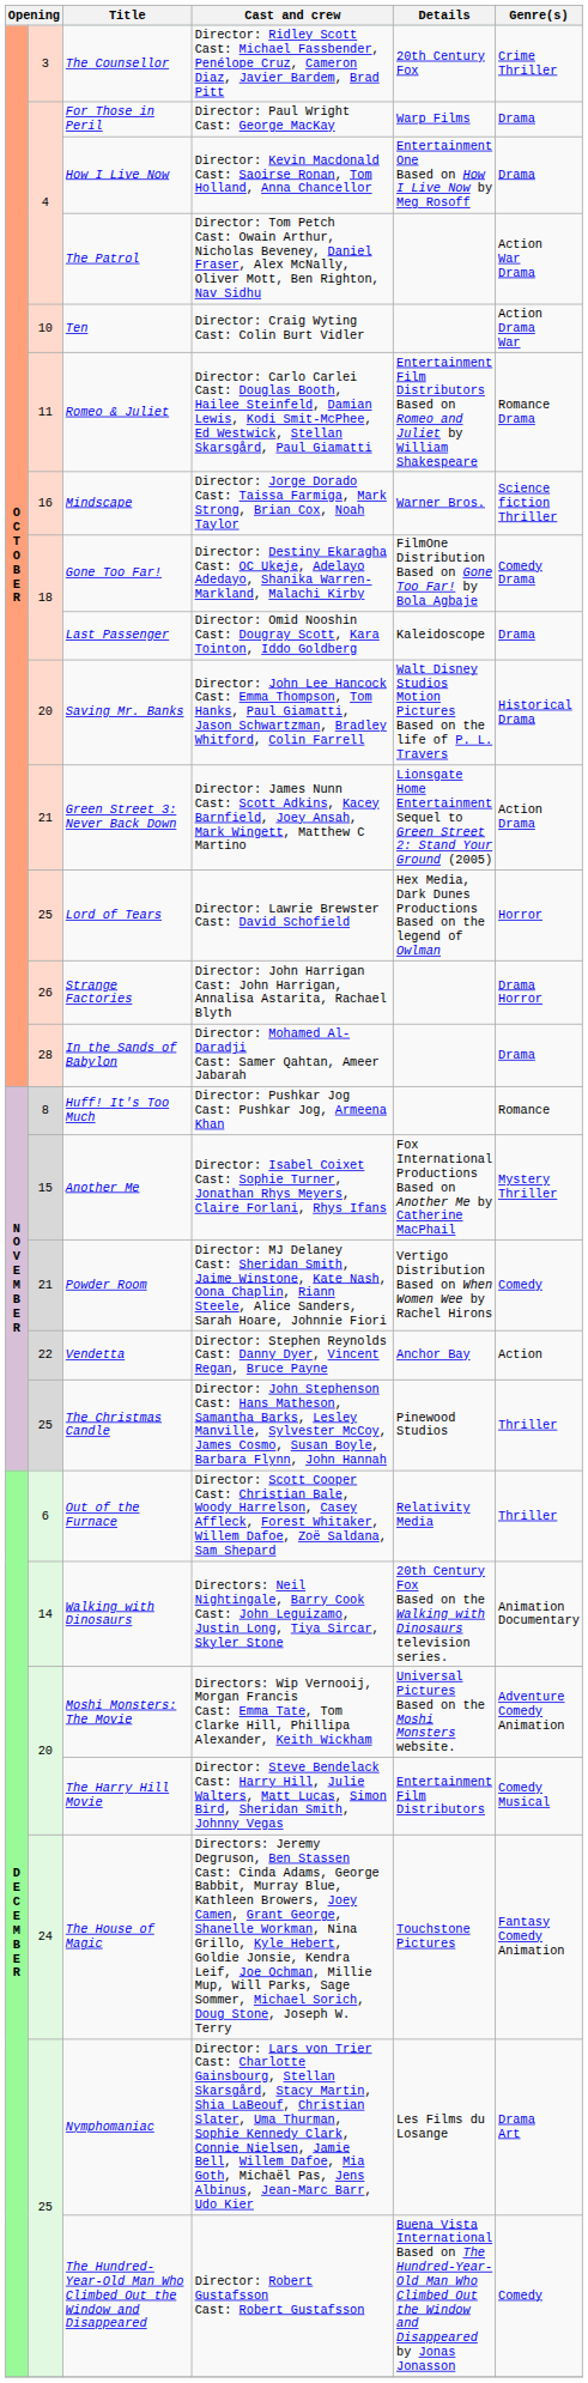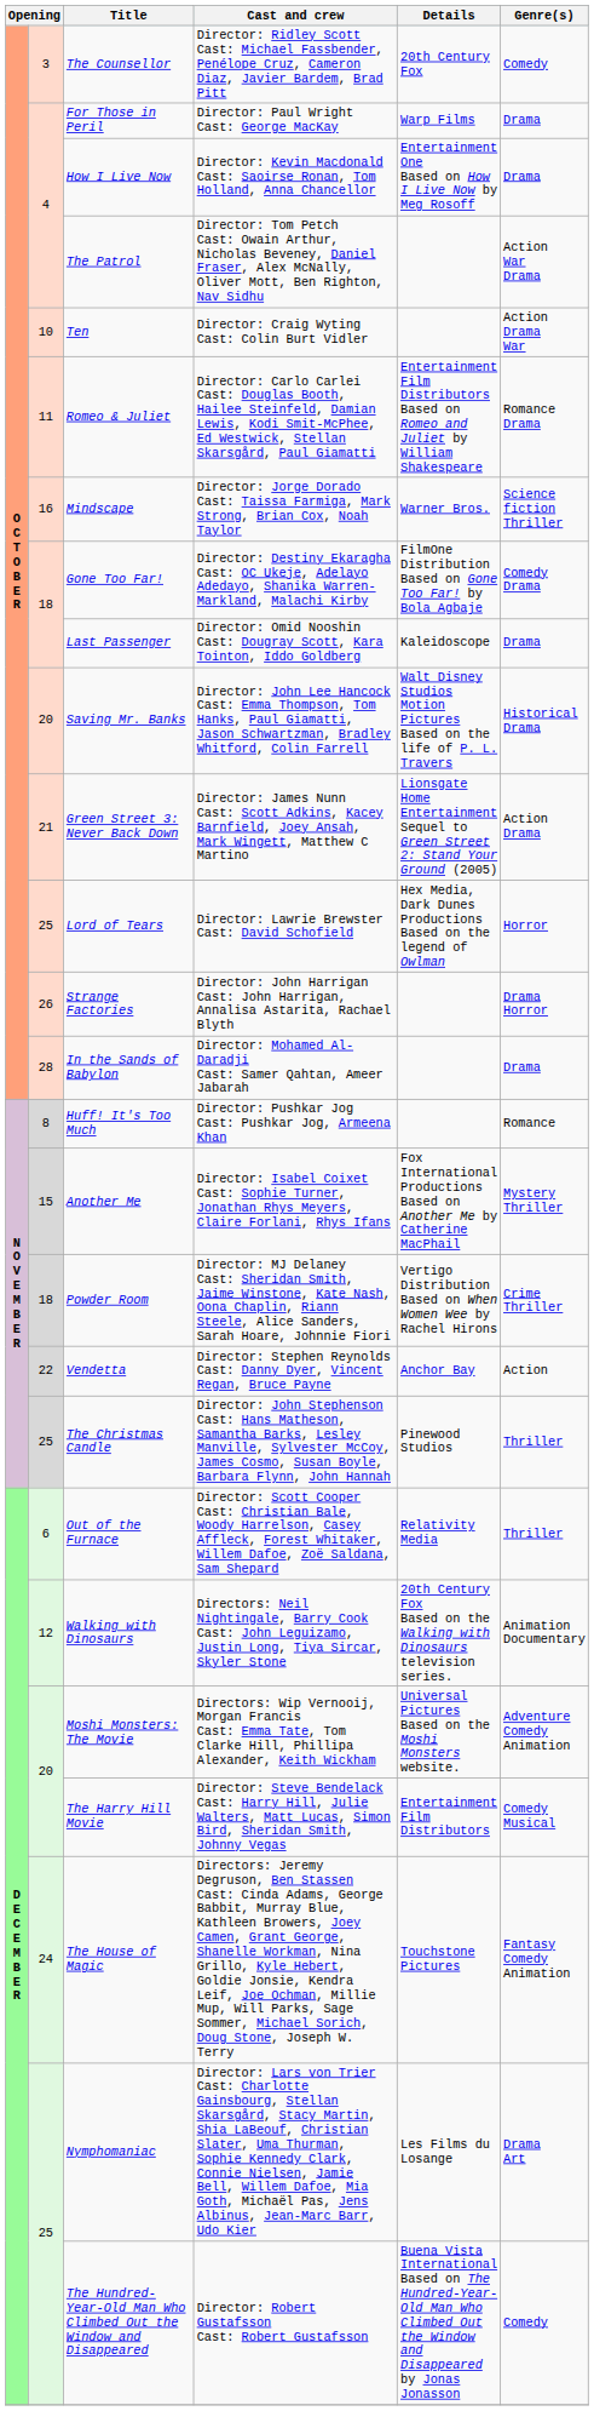 <table class="wikitable sortable plainrowheaders">
 <tr style="background:#b0e0e6; text-align:center;">
 <th colspan="2">Opening</th>
 <th style="width:24%;">Title</th>
 <th style="width:40%;">Cast and crew</th>
 <th>Details</th>
 <th style="width:10%;">Genre(s)</th>
 </tr>
 <tr>
 <th rowspan="14" style="text-align:center; background:#ffa07a; textcolor:#000;">O <br>C <br>T <br>O <br>B <br>E <br>R</th>
 <td rowspan="1" style="text-align:center; background:#ffdacc;">3</td>
 <td><em><a href='#'>The Counsellor</a></em></td>
 <td>Director: <a href='#'>Ridley Scott</a>  <br> Cast: <a href='#'>Michael Fassbender</a>, <a href='#'>Penélope Cruz</a>, <a href='#'>Cameron Diaz</a>, <a href='#'>Javier Bardem</a>, <a href='#'>Brad Pitt</a></td>
 <td><a href='#'>20th Century Fox</a></td>
-<td><a href='#'>Crime</a>  <br> <a href='#'>Thriller</a></td>
+<td><a href='#'>Comedy</a></td>
 </tr>
 <tr>
 <td rowspan="3" style="text-align:center; background:#ffdacc;">4</td>
 <td><em><a href='#'>For Those in Peril</a></em></td>
 <td>Director: Paul Wright  <br> Cast: <a href='#'>George MacKay</a></td>
 <td><a href='#'>Warp Films</a></td>
 <td><a href='#'>Drama</a></td>
 </tr>
 <tr>
 <td><em><a href='#'>How I Live Now</a></em></td>
 <td>Director: <a href='#'>Kevin Macdonald</a>  <br> Cast: <a href='#'>Saoirse Ronan</a>, <a href='#'>Tom Holland</a>, <a href='#'>Anna Chancellor</a></td>
 <td><a href='#'>Entertainment One</a>  <br> Based on <em><a href='#'>How I Live Now</a></em> by <a href='#'>Meg Rosoff</a></td>
 <td><a href='#'>Drama</a></td>
 </tr>
 <tr>
 <td><em><a href='#'>The Patrol</a></em></td>
 <td>Director: Tom Petch  <br> Cast: Owain Arthur, Nicholas Beveney, <a href='#'>Daniel Fraser</a>, Alex McNally, Oliver Mott, Ben Righton, <a href='#'>Nav Sidhu</a></td>
 <td></td>
 <td>Action  <br> <a href='#'>War</a>  <br> <a href='#'>Drama</a></td>
 </tr>
 <tr>
 <td rowspan="1" style="text-align:center; background:#ffdacc;">10</td>
 <td><em><a href='#'>Ten</a></em></td>
 <td>Director: Craig Wyting  <br> Cast: Colin Burt Vidler</td>
 <td></td>
 <td>Action  <br> <a href='#'>Drama</a>  <br> <a href='#'>War</a></td>
 </tr>
 <tr>
 <td rowspan="1" style="text-align:center; background:#ffdacc;">11</td>
 <td><em><a href='#'>Romeo & Juliet</a></em></td>
 <td>Director: Carlo Carlei  <br> Cast: <a href='#'>Douglas Booth</a>, <a href='#'>Hailee Steinfeld</a>, <a href='#'>Damian Lewis</a>, <a href='#'>Kodi Smit-McPhee</a>, <a href='#'>Ed Westwick</a>, <a href='#'>Stellan Skarsgård</a>, <a href='#'>Paul Giamatti</a></td>
 <td><a href='#'>Entertainment Film Distributors</a>  <br> Based on <em><a href='#'>Romeo and Juliet</a></em> by <a href='#'>William Shakespeare</a></td>
 <td>Romance  <br> <a href='#'>Drama</a></td>
 </tr>
 <tr>
 <td rowspan="1" style="text-align:center; background:#ffdacc;">16</td>
 <td><em><a href='#'>Mindscape</a></em></td>
 <td>Director: <a href='#'>Jorge Dorado</a>  <br> Cast: <a href='#'>Taissa Farmiga</a>, <a href='#'>Mark Strong</a>, <a href='#'>Brian Cox</a>, <a href='#'>Noah Taylor</a></td>
 <td><a href='#'>Warner Bros.</a></td>
 <td><a href='#'>Science fiction</a>  <br> <a href='#'>Thriller</a></td>
 </tr>
 <tr>
 <td rowspan="2" style="text-align:center; background:#ffdacc;">18</td>
 <td><em><a href='#'>Gone Too Far!</a></em></td>
 <td>Director: <a href='#'>Destiny Ekaragha</a>  <br> Cast: <a href='#'>OC Ukeje</a>, <a href='#'>Adelayo Adedayo</a>, <a href='#'>Shanika Warren-Markland</a>, <a href='#'>Malachi Kirby</a></td>
 <td>FilmOne Distribution  <br> Based on <em><a href='#'>Gone Too Far!</a></em> by <a href='#'>Bola Agbaje</a></td>
 <td><a href='#'>Comedy</a>  <br> <a href='#'>Drama</a></td>
 </tr>
 <tr>
 <td><em><a href='#'>Last Passenger</a></em></td>
 <td>Director: Omid Nooshin  <br> Cast: <a href='#'>Dougray Scott</a>, <a href='#'>Kara Tointon</a>, <a href='#'>Iddo Goldberg</a></td>
 <td>Kaleidoscope</td>
 <td><a href='#'>Drama</a></td>
 </tr>
 <tr>
 <td rowspan="1" style="text-align:center; background:#ffdacc;">20</td>
 <td><em><a href='#'>Saving Mr. Banks</a></em></td>
 <td>Director: <a href='#'>John Lee Hancock</a>  <br> Cast: <a href='#'>Emma Thompson</a>, <a href='#'>Tom Hanks</a>, <a href='#'>Paul Giamatti</a>, <a href='#'>Jason Schwartzman</a>, <a href='#'>Bradley Whitford</a>, <a href='#'>Colin Farrell</a></td>
 <td><a href='#'>Walt Disney Studios Motion Pictures</a>  <br> Based on the life of <a href='#'>P. L. Travers</a></td>
 <td><a href='#'>Historical</a>  <br> <a href='#'>Drama</a></td>
 </tr>
 <tr>
 <td rowspan="1" style="text-align:center; background:#ffdacc;">21</td>
 <td><em><a href='#'>Green Street 3: Never Back Down</a></em></td>
 <td>Director: James Nunn  <br> Cast: <a href='#'>Scott Adkins</a>, <a href='#'>Kacey Barnfield</a>, <a href='#'>Joey Ansah</a>, <a href='#'>Mark Wingett</a>, Matthew C Martino</td>
 <td><a href='#'>Lionsgate Home Entertainment</a>  <br> Sequel to <em><a href='#'>Green Street 2: Stand Your Ground</a></em> (2005)</td>
 <td>Action  <br> <a href='#'>Drama</a></td>
 </tr>
 <tr>
 <td rowspan="1" style="text-align:center; background:#ffdacc;">25</td>
 <td><em><a href='#'>Lord of Tears</a></em></td>
 <td>Director: Lawrie Brewster  <br> Cast: <a href='#'>David Schofield</a></td>
 <td>Hex Media, Dark Dunes Productions  <br> Based on the legend of <em><a href='#'>Owlman</a></em></td>
 <td><a href='#'>Horror</a></td>
 </tr>
 <tr>
 <td rowspan="1" style="text-align:center; background:#ffdacc;">26</td>
 <td><em><a href='#'>Strange Factories</a></em></td>
 <td>Director: John Harrigan  <br> Cast: John Harrigan, Annalisa Astarita, Rachael Blyth</td>
 <td></td>
 <td><a href='#'>Drama</a>  <br> <a href='#'>Horror</a></td>
 </tr>
 <tr>
 <td rowspan="1" style="text-align:center; background:#ffdacc;">28</td>
 <td><em><a href='#'>In the Sands of Babylon</a></em></td>
 <td>Director: <a href='#'>Mohamed Al-Daradji</a>  <br> Cast: Samer Qahtan, Ameer Jabarah</td>
 <td></td>
 <td><a href='#'>Drama</a></td>
 </tr>
 <tr>
 <th rowspan="5" style="text-align:center; background:thistle; textcolor:#000;">N <br>O <br>V <br>E <br>M <br>B <br>E <br>R</th>
 <td rowspan="1" style="text-align:center; background:#d8d8d8;">8</td>
 <td><em><a href='#'>Huff! It's Too Much</a></em></td>
 <td>Director: Pushkar Jog  <br> Cast: Pushkar Jog, <a href='#'>Armeena Khan</a></td>
 <td></td>
 <td>Romance</td>
 </tr>
 <tr>
 <td rowspan="1" style="text-align:center; background:#d8d8d8;">15</td>
 <td><em><a href='#'>Another Me</a></em></td>
 <td>Director: <a href='#'>Isabel Coixet</a>  <br> Cast: <a href='#'>Sophie Turner</a>, <a href='#'>Jonathan Rhys Meyers</a>, <a href='#'>Claire Forlani</a>, <a href='#'>Rhys Ifans</a></td>
 <td>Fox International Productions  <br> Based on <em>Another Me</em> by <a href='#'>Catherine MacPhail</a></td>
 <td><a href='#'>Mystery</a>  <br> <a href='#'>Thriller</a></td>
 </tr>
 <tr>
-<td rowspan="1" style="text-align:center; background:#d8d8d8;">21</td>
+<td rowspan="1" style="text-align:center; background:#d8d8d8;">18</td>
 <td><em><a href='#'>Powder Room</a></em></td>
 <td>Director: MJ Delaney  <br> Cast: <a href='#'>Sheridan Smith</a>, <a href='#'>Jaime Winstone</a>, <a href='#'>Kate Nash</a>, <a href='#'>Oona Chaplin</a>, <a href='#'>Riann Steele</a>, Alice Sanders, Sarah Hoare, Johnnie Fiori</td>
 <td>Vertigo Distribution  <br> Based on <em>When Women Wee</em> by Rachel Hirons</td>
-<td><a href='#'>Comedy</a></td>
+<td><a href='#'>Crime</a>  <br> <a href='#'>Thriller</a></td>
 </tr>
 <tr>
 <td rowspan="1" style="text-align:center; background:#d8d8d8;">22</td>
 <td><em><a href='#'>Vendetta</a></em></td>
 <td>Director: Stephen Reynolds  <br> Cast: <a href='#'>Danny Dyer</a>, <a href='#'>Vincent Regan</a>, <a href='#'>Bruce Payne</a></td>
 <td><a href='#'>Anchor Bay</a></td>
 <td>Action</td>
 </tr>
 <tr>
 <td rowspan="1" style="text-align:center; background:#d8d8d8;">25</td>
 <td><em><a href='#'>The Christmas Candle</a></em></td>
 <td>Director: <a href='#'>John Stephenson</a>  <br> Cast: <a href='#'>Hans Matheson</a>, <a href='#'>Samantha Barks</a>, <a href='#'>Lesley Manville</a>, <a href='#'>Sylvester McCoy</a>, <a href='#'>James Cosmo</a>, <a href='#'>Susan Boyle</a>, <a href='#'>Barbara Flynn</a>, <a href='#'>John Hannah</a></td>
 <td>Pinewood Studios</td>
 <td><a href='#'>Thriller</a></td>
 </tr>
 <tr>
 <th rowspan="7" style="text-align:center; background:#98fb98; textcolor:#000;">D <br>E <br>C <br>E <br>M <br>B <br>E <br>R</th>
 <td rowspan="1" style="text-align:center; background:#e0f9e0;">6</td>
 <td><em><a href='#'>Out of the Furnace</a></em></td>
 <td>Director: <a href='#'>Scott Cooper</a>  <br> Cast: <a href='#'>Christian Bale</a>, <a href='#'>Woody Harrelson</a>, <a href='#'>Casey Affleck</a>, <a href='#'>Forest Whitaker</a>, <a href='#'>Willem Dafoe</a>, <a href='#'>Zoë Saldana</a>, <a href='#'>Sam Shepard</a></td>
 <td><a href='#'>Relativity Media</a></td>
 <td><a href='#'>Thriller</a></td>
 </tr>
 <tr>
-<td rowspan="1" style="text-align:center; background:#e0f9e0;">14</td>
+<td rowspan="1" style="text-align:center; background:#e0f9e0;">12</td>
 <td><em><a href='#'>Walking with Dinosaurs</a></em></td>
 <td>Directors: <a href='#'>Neil Nightingale</a>, <a href='#'>Barry Cook</a>  <br> Cast: <a href='#'>John Leguizamo</a>, <a href='#'>Justin Long</a>, <a href='#'>Tiya Sircar</a>, <a href='#'>Skyler Stone</a></td>
 <td><a href='#'>20th Century Fox</a>  <br> Based on the <em><a href='#'>Walking with Dinosaurs</a></em> television series.</td>
 <td>Animation  <br> Documentary</td>
 </tr>
 <tr>
 <td rowspan="2" style="text-align:center; background:#e0f9e0;">20</td>
 <td><em><a href='#'>Moshi Monsters: The Movie</a></em></td>
 <td>Directors: Wip Vernooij, Morgan Francis  <br> Cast: <a href='#'>Emma Tate</a>, Tom Clarke Hill, Phillipa Alexander, <a href='#'>Keith Wickham</a></td>
 <td><a href='#'>Universal Pictures</a>  <br> Based on the <em><a href='#'>Moshi Monsters</a></em> website.</td>
 <td><a href='#'>Adventure</a>  <br> <a href='#'>Comedy</a>  <br> Animation</td>
 </tr>
 <tr>
 <td><em><a href='#'>The Harry Hill Movie</a></em></td>
 <td>Director: <a href='#'>Steve Bendelack</a>  <br> Cast: <a href='#'>Harry Hill</a>, <a href='#'>Julie Walters</a>, <a href='#'>Matt Lucas</a>, <a href='#'>Simon Bird</a>, <a href='#'>Sheridan Smith</a>, <a href='#'>Johnny Vegas</a></td>
 <td><a href='#'>Entertainment Film Distributors</a></td>
 <td><a href='#'>Comedy</a> <a href='#'>Musical</a></td>
 </tr>
 <tr>
 <td rowspan="1" style="text-align:center; background:#e0f9e0;">24</td>
 <td><em><a href='#'>The House of Magic</a></em></td>
 <td>Directors: Jeremy Degruson, <a href='#'>Ben Stassen</a>  <br> Cast: Cinda Adams, George Babbit, Murray Blue, Kathleen Browers, <a href='#'>Joey Camen</a>, <a href='#'>Grant George</a>, <a href='#'>Shanelle Workman</a>, Nina Grillo, <a href='#'>Kyle Hebert</a>, Goldie Jonsie, Kendra Leif, <a href='#'>Joe Ochman</a>, Millie Mup, Will Parks, Sage Sommer, <a href='#'>Michael Sorich</a>, <a href='#'>Doug Stone</a>, Joseph W. Terry</td>
 <td><a href='#'>Touchstone Pictures</a></td>
 <td><a href='#'>Fantasy</a>  <br> <a href='#'>Comedy</a>  <br> Animation</td>
 </tr>
 <tr>
 <td rowspan="2" style="text-align:center; background:#e0f9e0;">25</td>
 <td><em><a href='#'>Nymphomaniac</a></em></td>
 <td>Director: <a href='#'>Lars von Trier</a>  <br> Cast: <a href='#'>Charlotte Gainsbourg</a>, <a href='#'>Stellan Skarsgård</a>, <a href='#'>Stacy Martin</a>, <a href='#'>Shia LaBeouf</a>, <a href='#'>Christian Slater</a>, <a href='#'>Uma Thurman</a>, <a href='#'>Sophie Kennedy Clark</a>, <a href='#'>Connie Nielsen</a>, <a href='#'>Jamie Bell</a>, <a href='#'>Willem Dafoe</a>, <a href='#'>Mia Goth</a>, Michaël Pas, <a href='#'>Jens Albinus</a>, <a href='#'>Jean-Marc Barr</a>, <a href='#'>Udo Kier</a></td>
 <td>Les Films du Losange</td>
 <td><a href='#'>Drama</a>  <br> <a href='#'>Art</a></td>
 </tr>
 <tr>
 <td><em><a href='#'>The Hundred-Year-Old Man Who Climbed Out the Window and Disappeared</a></em></td>
 <td>Director: <a href='#'>Robert Gustafsson</a>  <br> Cast: <a href='#'>Robert Gustafsson</a></td>
 <td><a href='#'>Buena Vista International</a>  <br> Based on <em><a href='#'>The Hundred-Year-Old Man Who Climbed Out the Window and Disappeared</a></em> by <a href='#'>Jonas Jonasson</a></td>
 <td><a href='#'>Comedy</a></td>
 </tr>
 <tr>
 </tr>
 </table>
